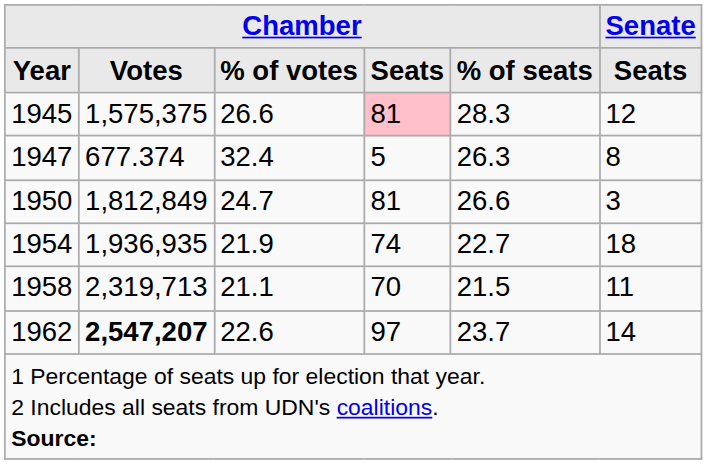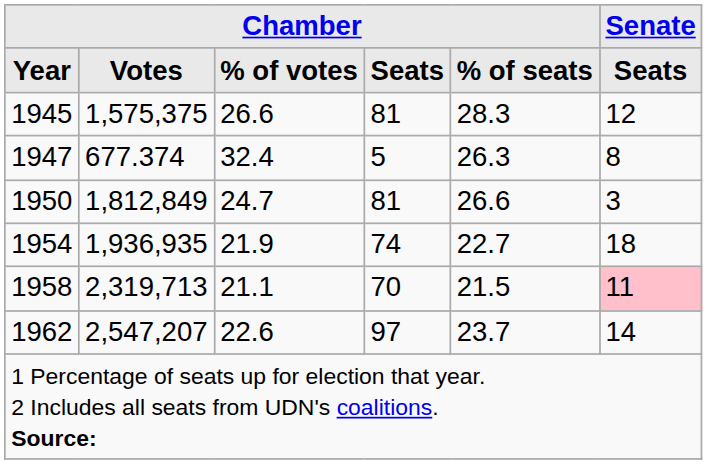 <table class="wikitable">
 <tr>
 <th style="background-color:#E9E9E9" align=center valign=top colspan=5><a href='#'>Chamber</a></th>
 <th style="background-color:#E9E9E9" valign=top align=center colspan=1><a href='#'>Senate</a></th>
 </tr>
 <tr>
 <th style="background-color:#E9E9E9" align=right valign=top>Year</th>
 <th style="background-color:#E9E9E9" align=right valign=top>Votes</th>
 <th style="background-color:#E9E9E9" align=right valign=top>% of votes</th>
 <th style="background-color:#E9E9E9" align=right valign=top>Seats</th>
 <th style="background-color:#E9E9E9" align=right valign=top>% of seats</th>
 <th style="background-color:#E9E9E9" align=right valign=top>Seats</th>
 </tr>
 <tr>
 <td>1945</td>
 <td>1,575,375</td>
 <td>26.6</td>
-<td style="background: pink;">81</td>
+<td>81</td>
 <td>28.3</td>
 <td>12</td>
 </tr>
 <tr>
 <td>1947</td>
 <td>677.374</td>
 <td>32.4</td>
 <td>5</td>
 <td>26.3</td>
 <td>8</td>
 </tr>
 <tr>
 <td>1950</td>
 <td>1,812,849</td>
 <td>24.7</td>
 <td>81</td>
 <td>26.6</td>
 <td>3</td>
 </tr>
 <tr>
 <td>1954</td>
 <td>1,936,935</td>
 <td>21.9</td>
 <td>74</td>
 <td>22.7</td>
 <td>18</td>
 </tr>
 <tr>
 <td>1958</td>
 <td>2,319,713</td>
 <td>21.1</td>
 <td>70</td>
 <td>21.5</td>
-<td>11</td>
+<td style="background: pink;">11</td>
 </tr>
 <tr>
 <td>1962</td>
-<td><strong>2,547,207</strong></td>
+<td>2,547,207</td>
 <td>22.6</td>
 <td>97</td>
 <td>23.7</td>
 <td>14</td>
 </tr>
 <tr>
 <td colspan=13><small>1 Percentage of seats up for election that year.</small><br><small>2 Includes all seats from UDN's <a href='#'>coalitions</a>.</small><br><small><strong>Source: </strong></small></td>
 </tr>
 </table>
